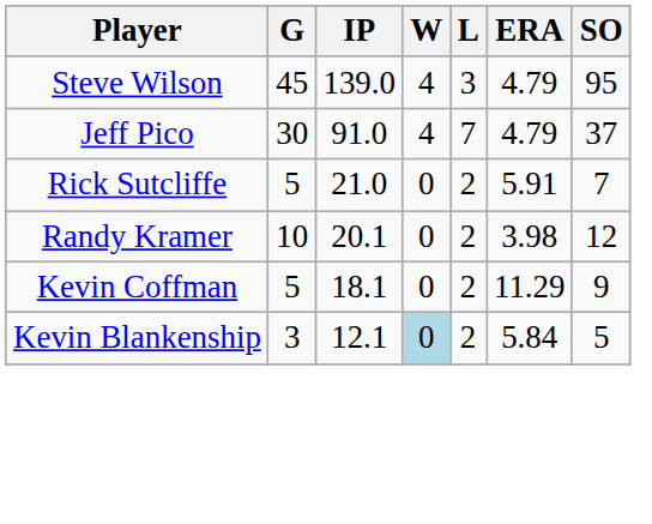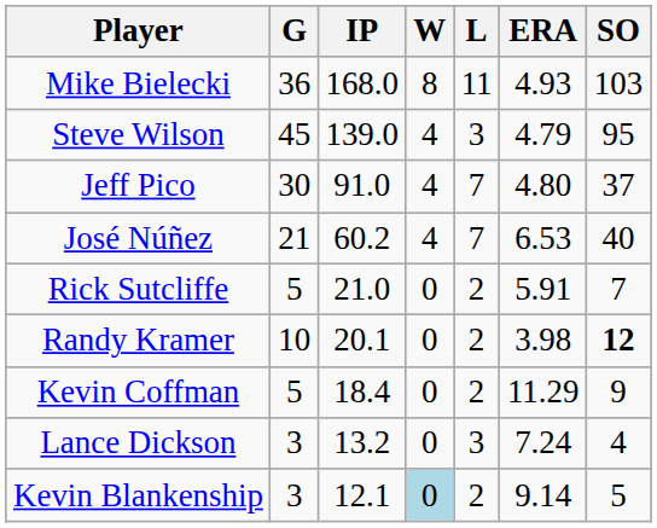 <table class="wikitable sortable" style="text-align:center">
 <tr>
 <th>Player</th>
 <th>G</th>
 <th>IP</th>
 <th>W</th>
 <th>L</th>
 <th>ERA</th>
 <th>SO</th>
+</tr>
+<tr>
+<td><a href='#'>Mike Bielecki</a></td>
+<td>36</td>
+<td>168.0</td>
+<td>8</td>
+<td>11</td>
+<td>4.93</td>
+<td>103</td>
 </tr>
 <tr>
 <td><a href='#'>Steve Wilson</a></td>
 <td>45</td>
 <td>139.0</td>
 <td>4</td>
 <td>3</td>
 <td>4.79</td>
 <td>95</td>
 </tr>
 <tr>
 <td><a href='#'>Jeff Pico</a></td>
 <td>30</td>
 <td>91.0</td>
 <td>4</td>
 <td>7</td>
-<td>4.79</td>
+<td>4.80</td>
 <td>37</td>
+</tr>
+<tr>
+<td><a href='#'>José Núñez</a></td>
+<td>21</td>
+<td>60.2</td>
+<td>4</td>
+<td>7</td>
+<td>6.53</td>
+<td>40</td>
 </tr>
 <tr>
 <td><a href='#'>Rick Sutcliffe</a></td>
 <td>5</td>
 <td>21.0</td>
 <td>0</td>
 <td>2</td>
 <td>5.91</td>
 <td>7</td>
 </tr>
 <tr>
 <td><a href='#'>Randy Kramer</a></td>
 <td>10</td>
 <td>20.1</td>
 <td>0</td>
 <td>2</td>
 <td>3.98</td>
-<td>12</td>
+<td><strong>12</strong></td>
 </tr>
 <tr>
 <td><a href='#'>Kevin Coffman</a></td>
 <td>5</td>
-<td>18.1</td>
+<td>18.4</td>
 <td>0</td>
 <td>2</td>
 <td>11.29</td>
 <td>9</td>
+</tr>
+<tr>
+<td><a href='#'>Lance Dickson</a></td>
+<td>3</td>
+<td>13.2</td>
+<td>0</td>
+<td>3</td>
+<td>7.24</td>
+<td>4</td>
 </tr>
 <tr>
 <td><a href='#'>Kevin Blankenship</a></td>
 <td>3</td>
 <td>12.1</td>
 <td style="background: lightblue;">0</td>
 <td>2</td>
-<td>5.84</td>
+<td>9.14</td>
 <td>5</td>
 </tr>
 </table>
